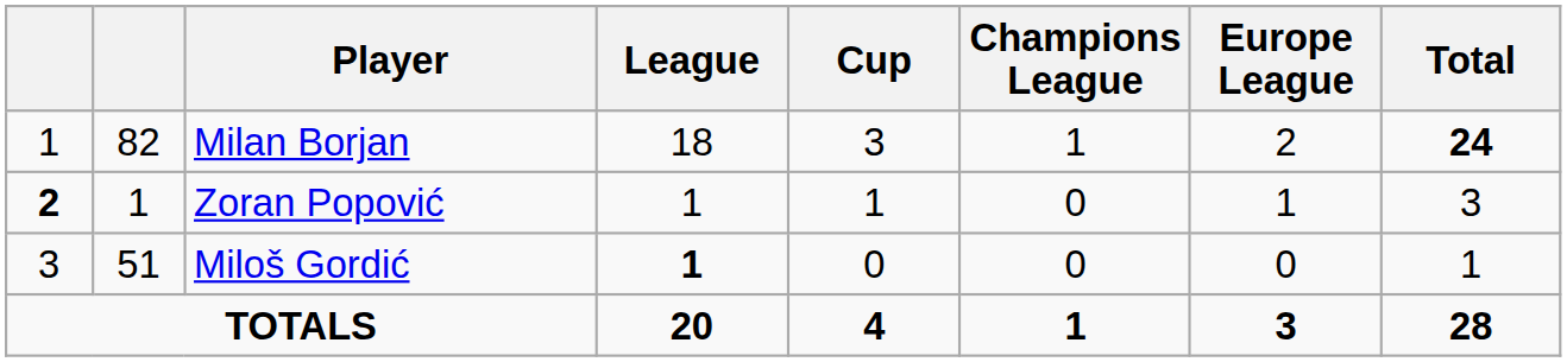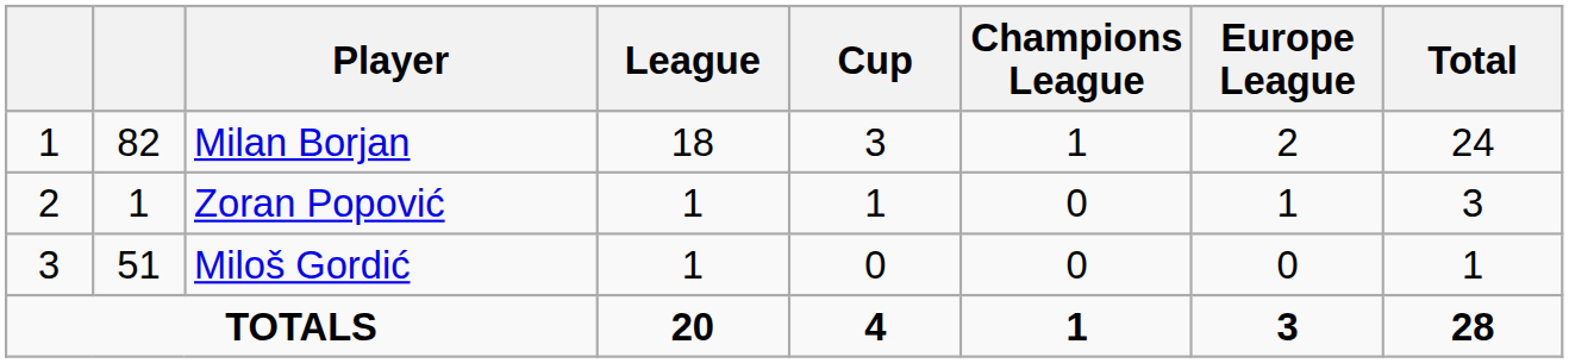 <table class="wikitable" style="font-size: 95%; text-align: center;">
 <tr>
 <th width=35></th>
 <th width=35></th>
 <th width=200>Player</th>
 <th width=75>League</th>
 <th width=75>Cup</th>
 <th width=75>Champions League</th>
 <th width=75>Europe League</th>
 <th width=75>Total</th>
 </tr>
 <tr>
 <td>1</td>
 <td>82</td>
 <td align=left> <a href='#'>Milan Borjan</a></td>
 <td>18</td>
 <td>3</td>
 <td>1</td>
 <td>2</td>
-<td><strong>24</strong></td>
+<td>24</td>
 </tr>
 <tr>
-<td><strong>2</strong></td>
+<td>2</td>
 <td>1</td>
 <td align=left> <a href='#'>Zoran Popović</a></td>
 <td>1</td>
 <td>1</td>
 <td>0</td>
 <td>1</td>
 <td>3</td>
 </tr>
 <tr>
 <td>3</td>
 <td>51</td>
 <td align=left> <a href='#'>Miloš Gordić</a></td>
-<td><strong>1</strong></td>
+<td>1</td>
 <td>0</td>
 <td>0</td>
 <td>0</td>
 <td>1</td>
 </tr>
 <tr>
 <td colspan=3><strong>TOTALS</strong></td>
 <td><strong>20</strong></td>
 <td><strong>4</strong></td>
 <td><strong>1</strong></td>
 <td><strong>3</strong></td>
 <td><strong>28</strong></td>
 </tr>
 </table>
